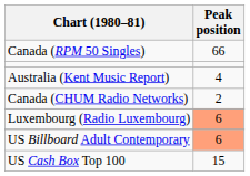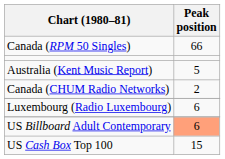 <table class="wikitable sortable">
 <tr>
 <th scope="col">Chart (1980–81)</th>
 <th scope="col">Peak<br>position</th>
 </tr>
 <tr>
 <td>Canada (<a href='#'><em>RPM</em> 50 Singles</a>)</td>
 <td style="text-align:center;">66</td>
 </tr>
 <tr>
 <td></td>
 </tr>
 <tr>
 <td>Australia (<a href='#'>Kent Music Report</a>)</td>
-<td style="text-align:center;">4</td>
+<td style="text-align:center;">5</td>
 </tr>
 <tr>
 <td>Canada (<a href='#'>CHUM Radio Networks</a>)</td>
 <td align=center>2</td>
 </tr>
 <tr>
 </tr>
 <tr>
 <td>Luxembourg (<a href='#'>Radio Luxembourg</a>)</td>
-<td align="center" style="background: lightsalmon;">6</td>
+<td align="center">6</td>
 </tr>
 <tr>
 </tr>
 <tr>
 </tr>
 <tr>
 </tr>
 <tr>
 </tr>
 <tr>
 <td>US <em>Billboard</em> <a href='#'>Adult Contemporary</a></td>
 <td style="background: lightsalmon; text-align:center;">6</td>
 </tr>
 <tr>
 <td>US <a href='#'><em>Cash Box</em></a> Top 100</td>
 <td style="text-align:center;">15</td>
 </tr>
 </table>
